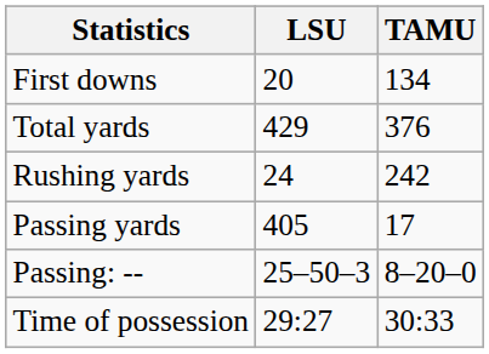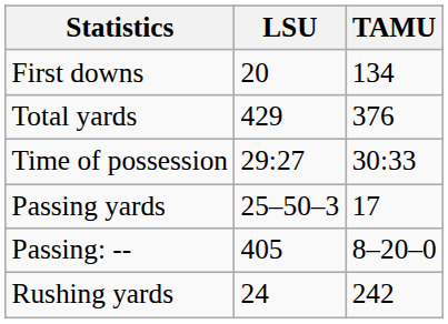 <table class="wikitable" style="float: left;">
 <tr>
 <th>Statistics</th>
 <th>LSU</th>
 <th>TAMU</th>
 </tr>
 <tr>
 <td>First downs</td>
 <td>20</td>
 <td>134</td>
 </tr>
 <tr>
 <td>Total yards</td>
 <td>429</td>
 <td>376</td>
 </tr>
 <tr>
+<td>Time of possession</td>
+<td>29:27</td>
+<td>30:33</td>
+</tr>
+<tr>
+<td>Passing yards</td>
+<td>25–50–3</td>
+<td>17</td>
+</tr>
+<tr>
+<td>Passing: --</td>
+<td>405</td>
+<td>8–20–0</td>
+</tr>
+<tr>
 <td>Rushing yards</td>
 <td>24</td>
 <td>242</td>
 </tr>
-<tr>
-<td>Passing yards</td>
-<td>405</td>
-<td>17</td>
-</tr>
-<tr>
-<td>Passing: --</td>
-<td>25–50–3</td>
-<td>8–20–0</td>
-</tr>
-<tr>
-<td>Time of possession</td>
-<td>29:27</td>
-<td>30:33</td>
-</tr>
 </table>
